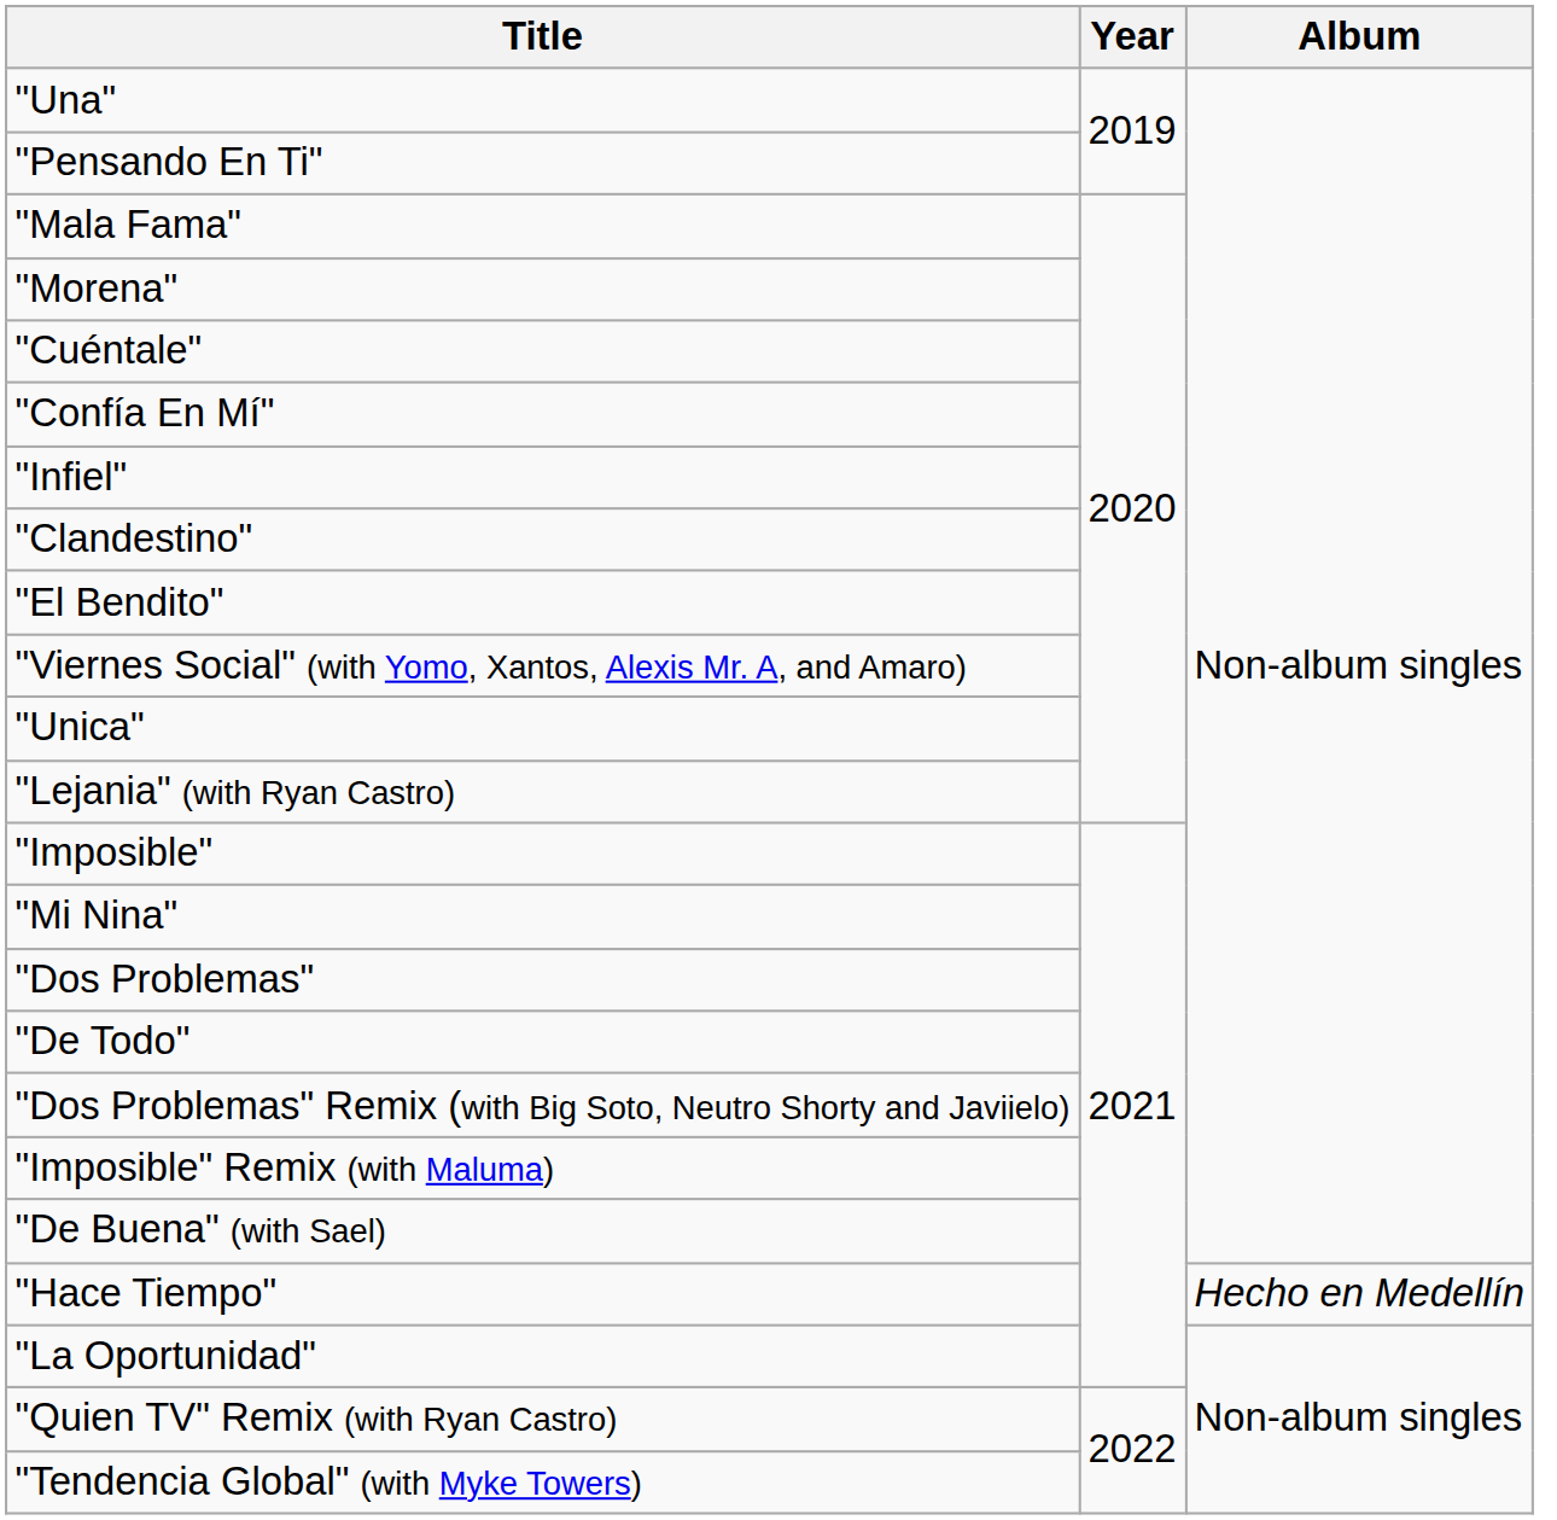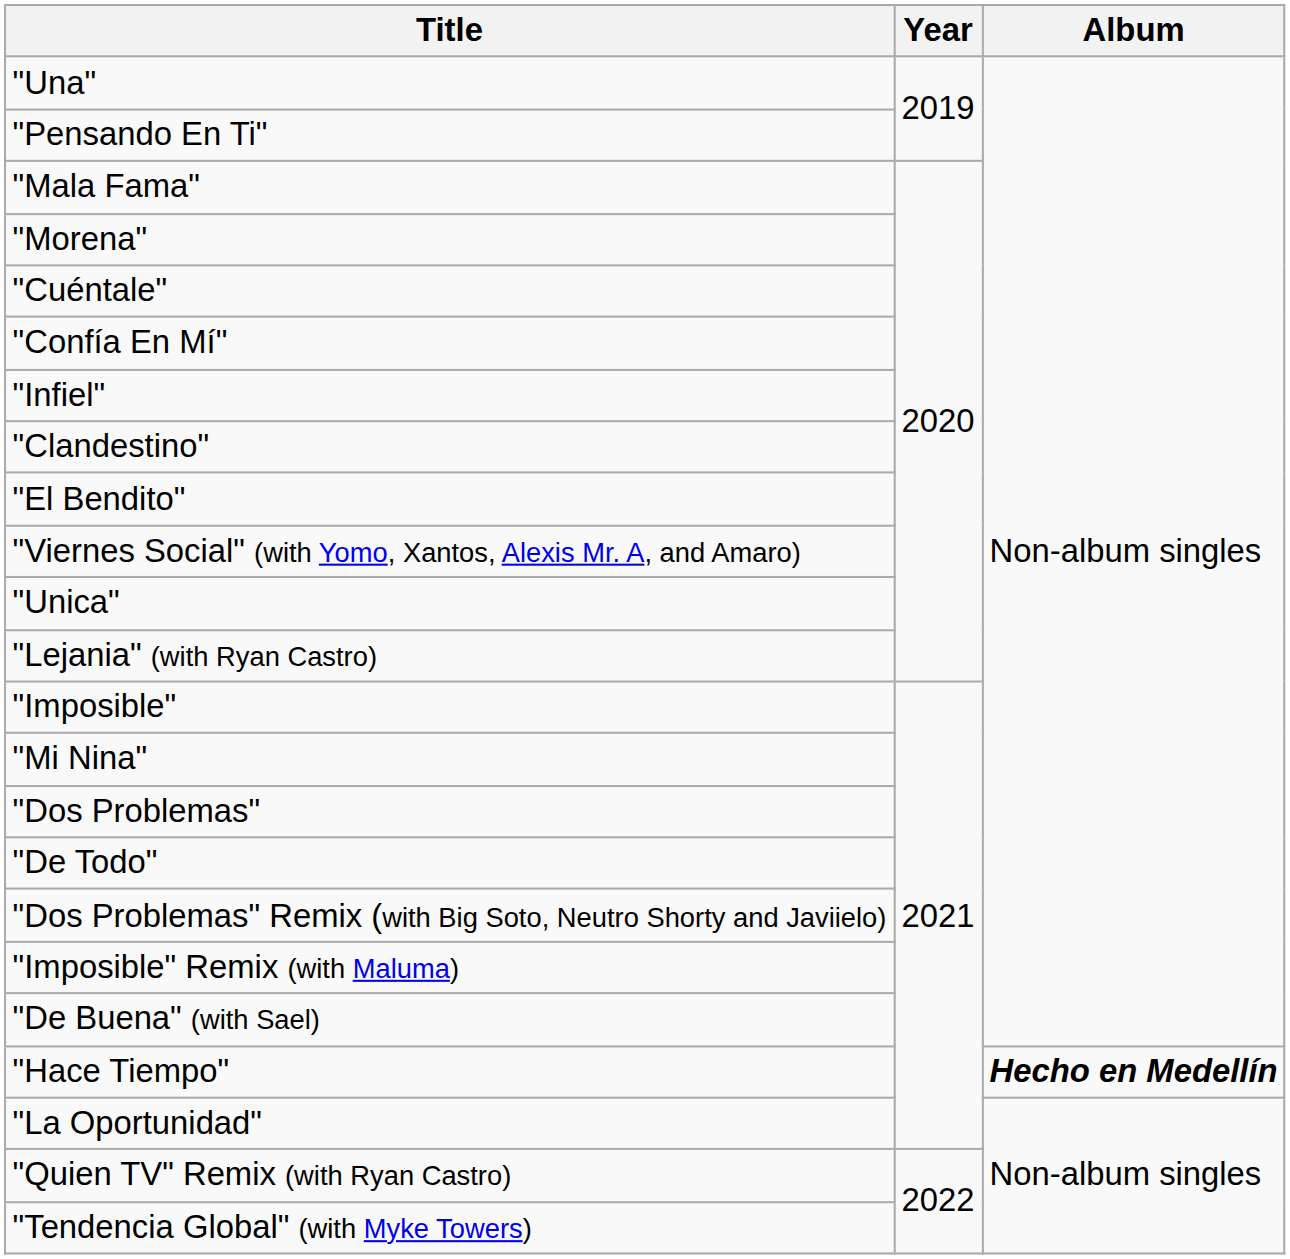 <table class="wikitable">
 <tr>
 <th>Title</th>
 <th>Year</th>
 <th>Album</th>
 </tr>
 <tr>
 <td>"Una"</td>
 <td rowspan="2">2019</td>
 <td rowspan="19">Non-album singles</td>
 </tr>
 <tr>
 <td>"Pensando En Ti"</td>
 </tr>
 <tr>
 <td>"Mala Fama"</td>
 <td rowspan="10">2020</td>
 </tr>
 <tr>
 <td>"Morena"</td>
 </tr>
 <tr>
 <td>"Cuéntale"</td>
 </tr>
 <tr>
 <td>"Confía En Mí"</td>
 </tr>
 <tr>
 <td>"Infiel"</td>
 </tr>
 <tr>
 <td>"Clandestino"</td>
 </tr>
 <tr>
 <td>"El Bendito"</td>
 </tr>
 <tr>
 <td>"Viernes Social" <small>(with <a href='#'>Yomo</a>, Xantos, <a href='#'>Alexis Mr. A</a>, and Amaro)</small></td>
 </tr>
 <tr>
 <td>"Unica"</td>
 </tr>
 <tr>
 <td>"Lejania" <small>(with Ryan Castro)</small></td>
 </tr>
 <tr>
 <td>"Imposible"</td>
 <td rowspan="9">2021</td>
 </tr>
 <tr>
 <td>"Mi Nina"</td>
 </tr>
 <tr>
 <td>"Dos Problemas"</td>
 </tr>
 <tr>
 <td>"De Todo"</td>
 </tr>
 <tr>
 <td>"Dos Problemas" Remix (<small>with Big Soto, Neutro Shorty and Javiielo)</small></td>
 </tr>
 <tr>
 <td>"Imposible" Remix <small>(with <a href='#'>Maluma</a>)</small></td>
 </tr>
 <tr>
 <td>"De Buena" <small>(with Sael)</small></td>
 </tr>
 <tr>
 <td>"Hace Tiempo"</td>
-<td><em>Hecho en Medellín</em></td>
+<td><strong><em>Hecho en Medellín</em></strong></td>
 </tr>
 <tr>
 <td>"La Oportunidad"</td>
 <td rowspan="3">Non-album singles</td>
 </tr>
 <tr>
 <td>"Quien TV" Remix <small>(with Ryan Castro)</small></td>
 <td rowspan="2">2022</td>
 </tr>
 <tr>
 <td>"Tendencia Global" <small>(with <a href='#'>Myke Towers</a>)</small></td>
 </tr>
 </table>
